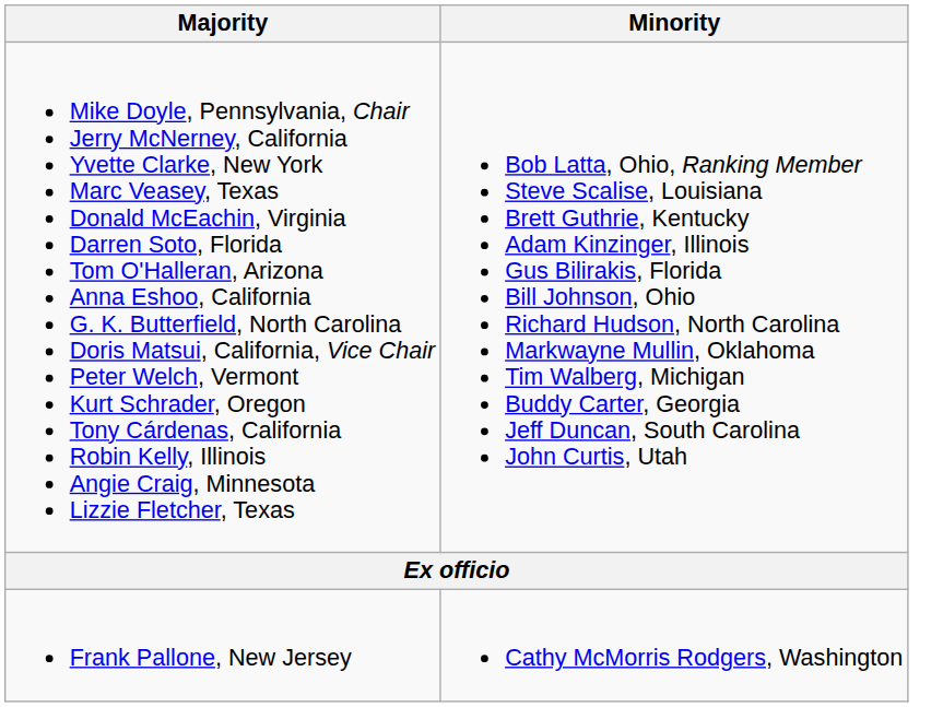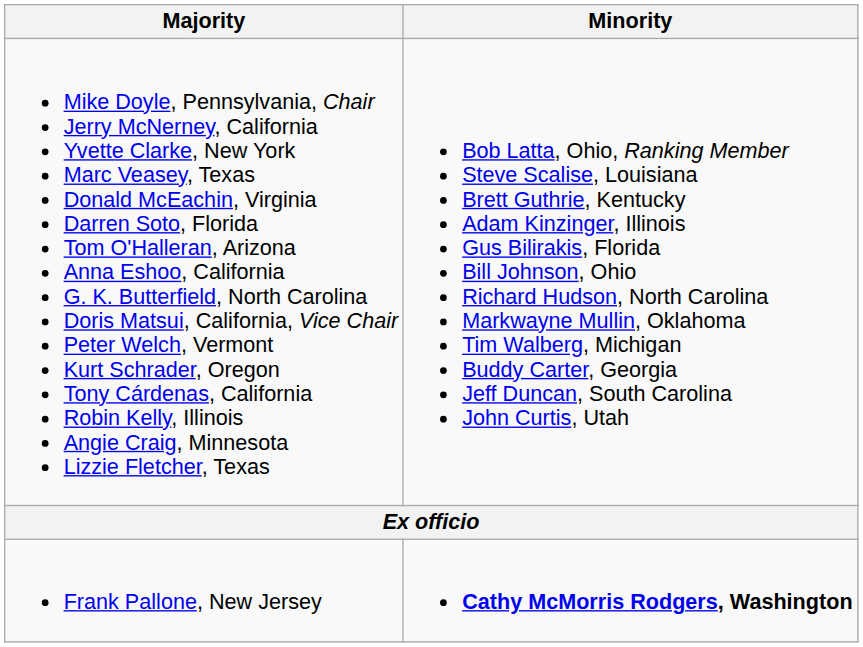 <table class=wikitable>
 <tr>
 <th>Majority</th>
 <th>Minority</th>
 </tr>
 <tr>
 <td><br><ul><li><a href='#'>Mike Doyle</a>, Pennsylvania, <em>Chair</em></li><li><a href='#'>Jerry McNerney</a>, California</li><li><a href='#'>Yvette Clarke</a>, New York</li><li><a href='#'>Marc Veasey</a>, Texas</li><li><a href='#'>Donald McEachin</a>, Virginia</li><li><a href='#'>Darren Soto</a>, Florida</li><li><a href='#'>Tom O'Halleran</a>, Arizona</li><li><a href='#'>Anna Eshoo</a>, California</li><li><a href='#'>G. K. Butterfield</a>, North Carolina</li><li><a href='#'>Doris Matsui</a>, California, <em>Vice Chair</em></li><li><a href='#'>Peter Welch</a>, Vermont</li><li><a href='#'>Kurt Schrader</a>, Oregon</li><li><a href='#'>Tony Cárdenas</a>, California</li><li><a href='#'>Robin Kelly</a>, Illinois</li><li><a href='#'>Angie Craig</a>, Minnesota</li><li><a href='#'>Lizzie Fletcher</a>, Texas</li></ul></td>
 <td><br><ul><li><a href='#'>Bob Latta</a>, Ohio, <em>Ranking Member</em></li><li><a href='#'>Steve Scalise</a>, Louisiana</li><li><a href='#'>Brett Guthrie</a>, Kentucky</li><li><a href='#'>Adam Kinzinger</a>, Illinois</li><li><a href='#'>Gus Bilirakis</a>, Florida</li><li><a href='#'>Bill Johnson</a>, Ohio</li><li><a href='#'>Richard Hudson</a>, North Carolina</li><li><a href='#'>Markwayne Mullin</a>, Oklahoma</li><li><a href='#'>Tim Walberg</a>, Michigan</li><li><a href='#'>Buddy Carter</a>, Georgia</li><li><a href='#'>Jeff Duncan</a>, South Carolina</li><li><a href='#'>John Curtis</a>, Utah</li></ul></td>
 </tr>
 <tr>
 <th colspan=2><em>Ex officio</em></th>
 </tr>
 <tr>
 <td><br><ul><li><a href='#'>Frank Pallone</a>, New Jersey</li></ul></td>
-<td><br><ul><li><a href='#'>Cathy McMorris Rodgers</a>, Washington</li></ul></td>
+<td><strong><br><ul><li><a href='#'>Cathy McMorris Rodgers</a>, Washington</li></ul></strong></td>
 </tr>
 </table>
